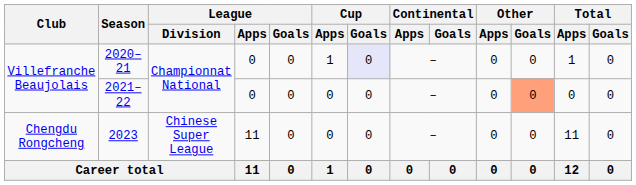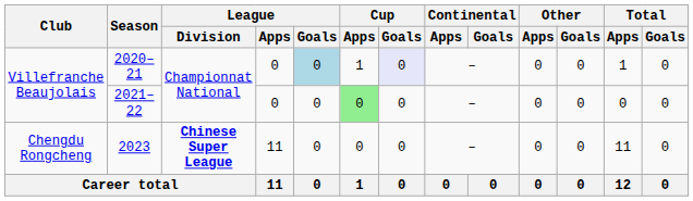 <table class="wikitable" style="text-align: center;">
 <tr>
 <th rowspan=2>Club</th>
 <th rowspan=2>Season</th>
 <th colspan=3>League</th>
 <th colspan=2>Cup</th>
 <th colspan=2>Continental</th>
 <th colspan=2>Other</th>
 <th colspan=2>Total</th>
 </tr>
 <tr>
 <th>Division</th>
 <th>Apps</th>
 <th>Goals</th>
 <th>Apps</th>
 <th>Goals</th>
 <th>Apps</th>
 <th>Goals</th>
 <th>Apps</th>
 <th>Goals</th>
 <th>Apps</th>
 <th>Goals</th>
 </tr>
 <tr>
 <td rowspan=2><a href='#'>Villefranche Beaujolais</a></td>
 <td><a href='#'>2020–21</a></td>
 <td rowspan=2><a href='#'>Championnat National</a></td>
 <td>0</td>
-<td>0</td>
+<td style="background: lightblue;">0</td>
 <td>1</td>
 <td style="background: lavender;">0</td>
 <td colspan="2">–</td>
 <td>0</td>
 <td>0</td>
 <td>1</td>
 <td>0</td>
 </tr>
 <tr>
 <td><a href='#'>2021–22</a></td>
 <td>0</td>
 <td>0</td>
-<td>0</td>
+<td style="background: lightgreen;">0</td>
 <td>0</td>
 <td colspan="2">–</td>
 <td>0</td>
-<td style="background: lightsalmon;">0</td>
+<td>0</td>
 <td>0</td>
 <td>0</td>
 </tr>
 <tr>
 <td><a href='#'>Chengdu Rongcheng</a></td>
 <td><a href='#'>2023</a></td>
-<td><a href='#'>Chinese Super League</a></td>
+<td><strong><a href='#'>Chinese Super League</a></strong></td>
 <td>11</td>
 <td>0</td>
 <td>0</td>
 <td>0</td>
 <td colspan="2">–</td>
 <td>0</td>
 <td>0</td>
 <td>11</td>
 <td>0</td>
 </tr>
 <tr>
 <th colspan=3>Career total</th>
 <th>11</th>
 <th>0</th>
 <th>1</th>
 <th>0</th>
 <th>0</th>
 <th>0</th>
 <th>0</th>
 <th>0</th>
 <th>12</th>
 <th>0</th>
 </tr>
 </table>
